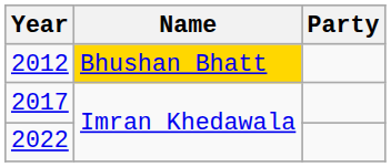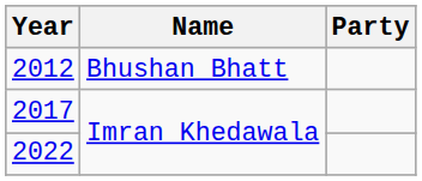 <table class="wikitable sortable">
 <tr>
 <th>Year</th>
 <th>Name</th>
 <th colspan=2>Party</th>
 </tr>
 <tr>
 <td><a href='#'>2012</a></td>
-<td style="background: gold;"><a href='#'>Bhushan Bhatt</a></td>
+<td><a href='#'>Bhushan Bhatt</a></td>
 <td></td>
 </tr>
 <tr>
 <td><a href='#'>2017</a></td>
 <td rowspan="2"><a href='#'>Imran Khedawala</a></td>
 <td></td>
 </tr>
 <tr>
 <td><a href='#'>2022</a></td>
 </tr>
 </table>
